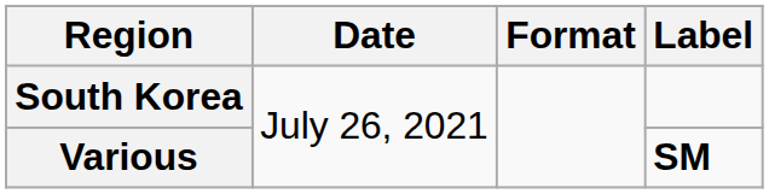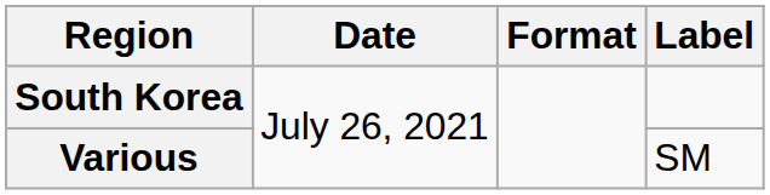 <table class="wikitable plainrowheaders">
 <tr>
 <th scope="col">Region</th>
 <th scope="col">Date</th>
 <th scope="col">Format</th>
 <th scope="col">Label</th>
 </tr>
 <tr>
 <th scope="row">South Korea</th>
 <td rowspan="2">July 26, 2021</td>
 <td rowspan="2"></td>
 <td></td>
 </tr>
 <tr>
 <th scope="row">Various </th>
-<td><strong>SM</strong></td>
+<td>SM</td>
 </tr>
 </table>
